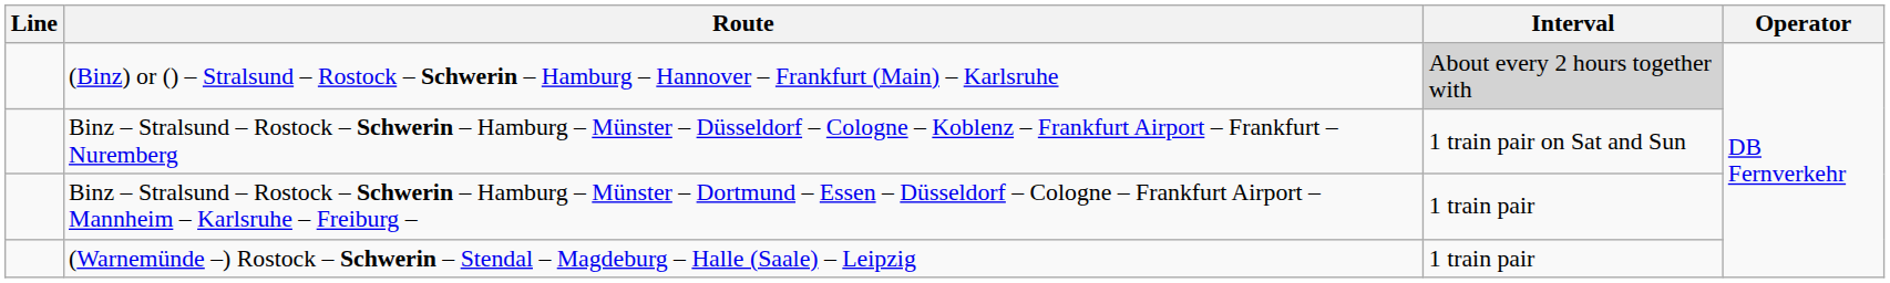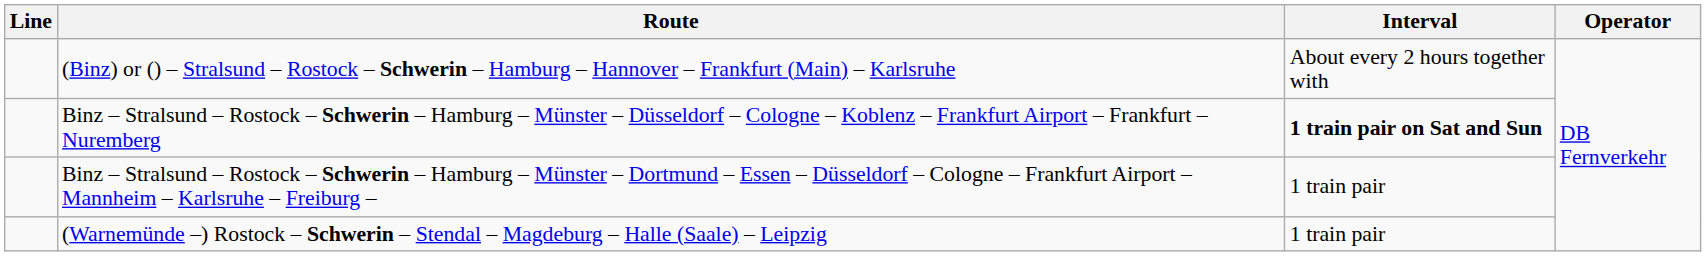 <table class="wikitable">
 <tr>
 <th>Line</th>
 <th>Route</th>
 <th>Interval</th>
 <th>Operator</th>
 </tr>
 <tr>
 <td align="center"></td>
 <td>(<a href='#'>Binz</a>) or () – <a href='#'>Stralsund</a> – <a href='#'>Rostock</a> – <strong>Schwerin</strong> – <a href='#'>Hamburg</a> – <a href='#'>Hannover</a> – <a href='#'>Frankfurt (Main)</a> – <a href='#'>Karlsruhe</a></td>
-<td style="background: lightgrey;">About every 2 hours together with </td>
+<td>About every 2 hours together with </td>
 <td rowspan=4><a href='#'>DB Fernverkehr</a></td>
 </tr>
 <tr>
 <td align="center"></td>
 <td>Binz – Stralsund – Rostock – <strong>Schwerin</strong> – Hamburg – <a href='#'>Münster</a> – <a href='#'>Düsseldorf</a> – <a href='#'>Cologne</a> – <a href='#'>Koblenz</a> – <a href='#'>Frankfurt Airport</a> – Frankfurt – <a href='#'>Nuremberg</a></td>
-<td>1 train pair on Sat and Sun</td>
+<td><strong>1 train pair on Sat and Sun</strong></td>
 </tr>
 <tr>
 <td align="center"></td>
 <td>Binz – Stralsund – Rostock – <strong>Schwerin</strong> – Hamburg – <a href='#'>Münster</a> – <a href='#'>Dortmund</a> – <a href='#'>Essen</a> – <a href='#'>Düsseldorf</a> – Cologne – Frankfurt Airport – <a href='#'>Mannheim</a> – <a href='#'>Karlsruhe</a> – <a href='#'>Freiburg</a> – </td>
 <td>1 train pair</td>
 </tr>
 <tr>
 <td align="center"></td>
 <td>(<a href='#'>Warnemünde</a> –) Rostock – <strong>Schwerin</strong> – <a href='#'>Stendal</a> – <a href='#'>Magdeburg</a> – <a href='#'>Halle (Saale)</a> – <a href='#'>Leipzig</a></td>
 <td>1 train pair</td>
 </tr>
 </table>
